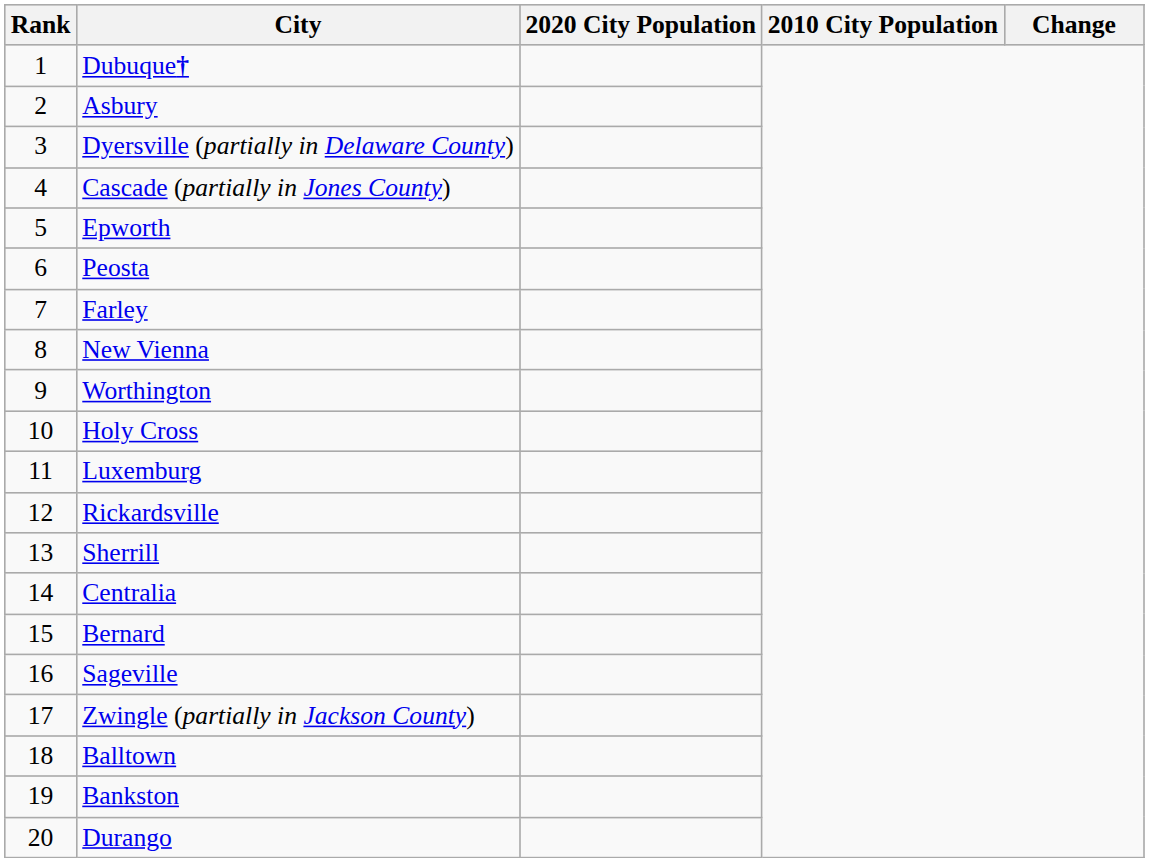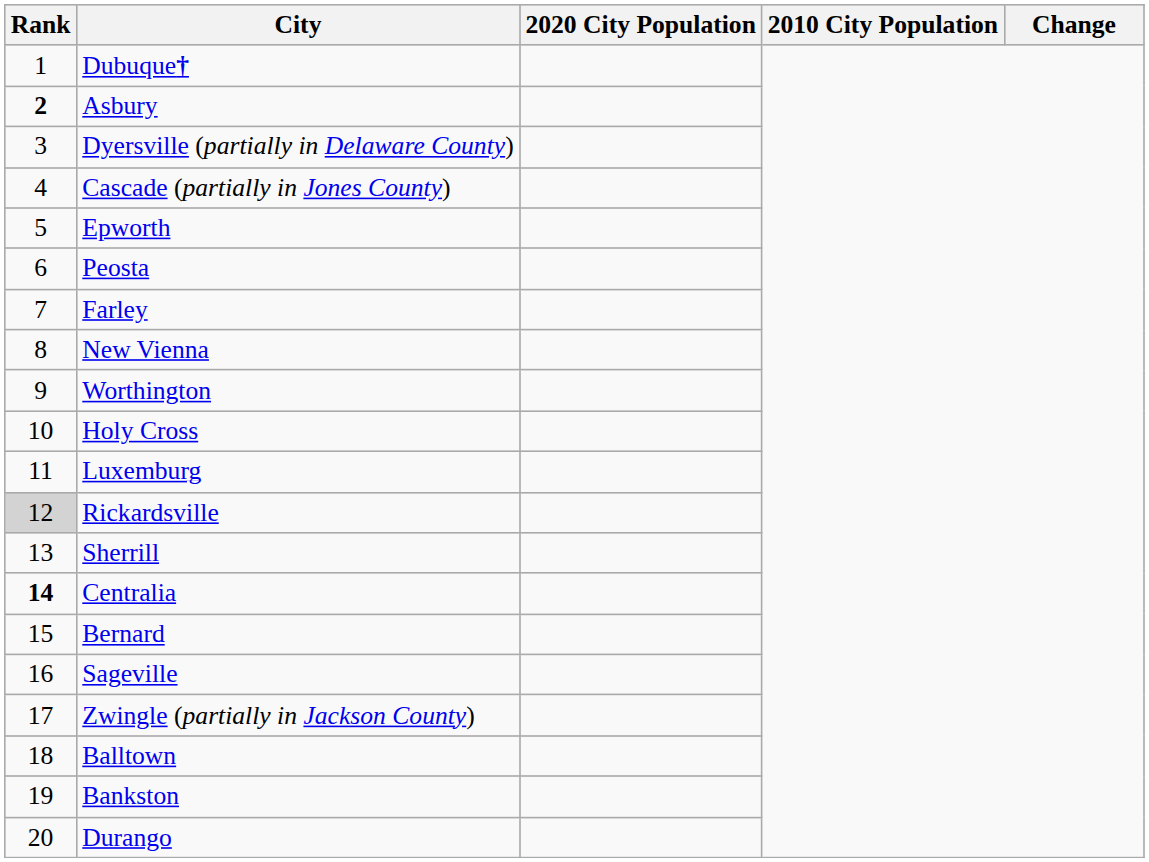 <table class="wikitable sortable">
 <tr>
 <th>Rank</th>
 <th>City</th>
 <th>2020 City Population</th>
 <th>2010 City Population</th>
 <th scope="col" style="width: 5em;">Change</th>
 </tr>
 <tr align=right>
 <td align=center>1</td>
 <td align=left><a href='#'>Dubuque<strong>†</strong></a></td>
 <td></td>
 </tr>
 <tr align=right>
-<td align=center>2</td>
+<td align=center><strong>2</strong></td>
 <td align=left><a href='#'>Asbury</a></td>
 <td></td>
 </tr>
 <tr align=right>
 <td align=center>3</td>
 <td align=left><a href='#'>Dyersville</a> (<em>partially in <a href='#'>Delaware County</a></em>)</td>
 <td></td>
 </tr>
 <tr align=right>
 <td align=center>4</td>
 <td align=left><a href='#'>Cascade</a> (<em>partially in <a href='#'>Jones County</a></em>)</td>
 <td></td>
 </tr>
 <tr align=right>
 <td align=center>5</td>
 <td align=left><a href='#'>Epworth</a></td>
 <td></td>
 </tr>
 <tr align=right>
 <td align=center>6</td>
 <td align=left><a href='#'>Peosta</a></td>
 <td></td>
 </tr>
 <tr align=right>
 <td align=center>7</td>
 <td align=left><a href='#'>Farley</a></td>
 <td></td>
 </tr>
 <tr align=right>
 <td align=center>8</td>
 <td align=left><a href='#'>New Vienna</a></td>
 <td></td>
 </tr>
 <tr align=right>
 <td align=center>9</td>
 <td align=left><a href='#'>Worthington</a></td>
 <td></td>
 </tr>
 <tr align=right>
 <td align=center>10</td>
 <td align=left><a href='#'>Holy Cross</a></td>
 <td></td>
 </tr>
 <tr align=right>
 <td align=center>11</td>
 <td align=left><a href='#'>Luxemburg</a></td>
 <td></td>
 </tr>
 <tr align=right>
-<td align=center>12</td>
+<td align=center style="background: lightgrey;">12</td>
 <td align=left><a href='#'>Rickardsville</a></td>
 <td></td>
 </tr>
 <tr align=right>
 <td align=center>13</td>
 <td align=left><a href='#'>Sherrill</a></td>
 <td></td>
 </tr>
 <tr align=right>
-<td align=center>14</td>
+<td align=center><strong>14</strong></td>
 <td align=left><a href='#'>Centralia</a></td>
 <td></td>
 </tr>
 <tr align=right>
 <td align=center>15</td>
 <td align=left><a href='#'>Bernard</a></td>
 <td></td>
 </tr>
 <tr align=right>
 <td align=center>16</td>
 <td align=left><a href='#'>Sageville</a></td>
 <td></td>
 </tr>
 <tr align=right>
 <td align=center>17</td>
 <td align=left><a href='#'>Zwingle</a> (<em>partially in <a href='#'>Jackson County</a></em>)</td>
 <td></td>
 </tr>
 <tr align=right>
 <td align=center>18</td>
 <td align=left><a href='#'>Balltown</a></td>
 <td></td>
 </tr>
 <tr align=right>
 <td align=center>19</td>
 <td align=left><a href='#'>Bankston</a></td>
 <td></td>
 </tr>
 <tr align=right>
 <td align=center>20</td>
 <td align=left><a href='#'>Durango</a></td>
 <td></td>
 </tr>
 </table>
